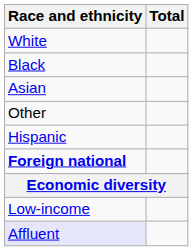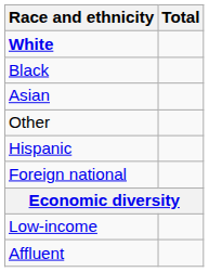 <table class="wikitable floatright sortable collapsible"; text-align:right; font-size:80%;">
 <tr>
 <th>Race and ethnicity</th>
 <th colspan="2" data-sort-type=number>Total</th>
 </tr>
 <tr>
-<td><a href='#'>White</a></td>
+<td><strong><a href='#'>White</a></strong></td>
 <td align=right></td>
 </tr>
 <tr>
 <td><a href='#'>Black</a></td>
 <td align=right></td>
 </tr>
 <tr>
 <td><a href='#'>Asian</a></td>
 <td align=right></td>
 </tr>
 <tr>
 <td>Other</td>
 <td align=right></td>
 </tr>
 <tr>
 <td><a href='#'>Hispanic</a></td>
 <td align=right></td>
 </tr>
 <tr>
-<td><strong><a href='#'>Foreign national</a></strong></td>
+<td><a href='#'>Foreign national</a></td>
 <td align=right></td>
 </tr>
 <tr>
 <th colspan="4" data-sort-type=number><a href='#'>Economic diversity</a></th>
 </tr>
 <tr>
 <td><a href='#'>Low-income</a></td>
 <td align=right></td>
 </tr>
 <tr>
-<td style="background: lavender;"><a href='#'>Affluent</a></td>
+<td><a href='#'>Affluent</a></td>
 <td align=right></td>
 </tr>
 </table>
